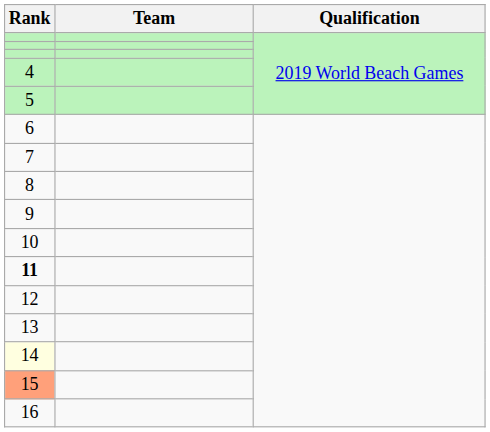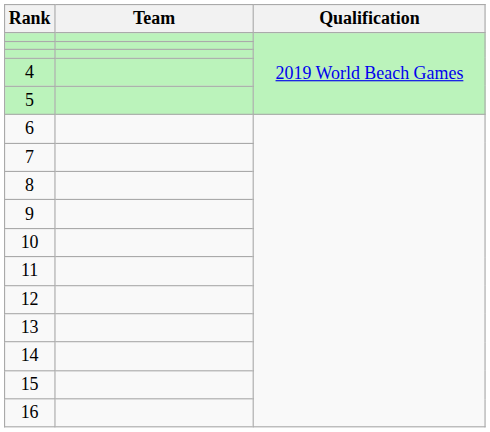 <table class="wikitable">
 <tr>
 <th>Rank</th>
 <th width=170>Team</th>
 <th width=200>Qualification</th>
 </tr>
 <tr bgcolor="#bbf3bb">
 <td align=center></td>
 <td></td>
 <td rowspan=5 align=center><a href='#'>2019 World Beach Games</a></td>
 </tr>
 <tr bgcolor="#bbf3bb">
 <td align=center></td>
 <td></td>
 </tr>
 <tr bgcolor="#bbf3bb">
 <td align=center></td>
 <td></td>
 </tr>
 <tr bgcolor="#bbf3bb">
 <td align=center>4</td>
 <td></td>
 </tr>
 <tr bgcolor="#bbf3bb">
 <td align=center>5</td>
 <td></td>
 </tr>
 <tr>
 <td align=center>6</td>
 <td></td>
 <td rowspan=11></td>
 </tr>
 <tr>
 <td align=center>7</td>
 <td></td>
 </tr>
 <tr>
 <td align=center>8</td>
 <td></td>
 </tr>
 <tr>
 <td align=center>9</td>
 <td></td>
 </tr>
 <tr>
 <td align=center>10</td>
 <td></td>
 </tr>
 <tr>
-<td align=center><strong>11</strong></td>
+<td align=center>11</td>
 <td></td>
 </tr>
 <tr>
 <td align=center>12</td>
 <td></td>
 </tr>
 <tr>
 <td align=center>13</td>
 <td></td>
 </tr>
 <tr>
-<td align=center style="background: lightyellow;">14</td>
+<td align=center>14</td>
 <td></td>
 </tr>
 <tr>
-<td align=center style="background: lightsalmon;">15</td>
+<td align=center>15</td>
 <td></td>
 </tr>
 <tr>
 <td align=center>16</td>
 <td></td>
 </tr>
 </table>
